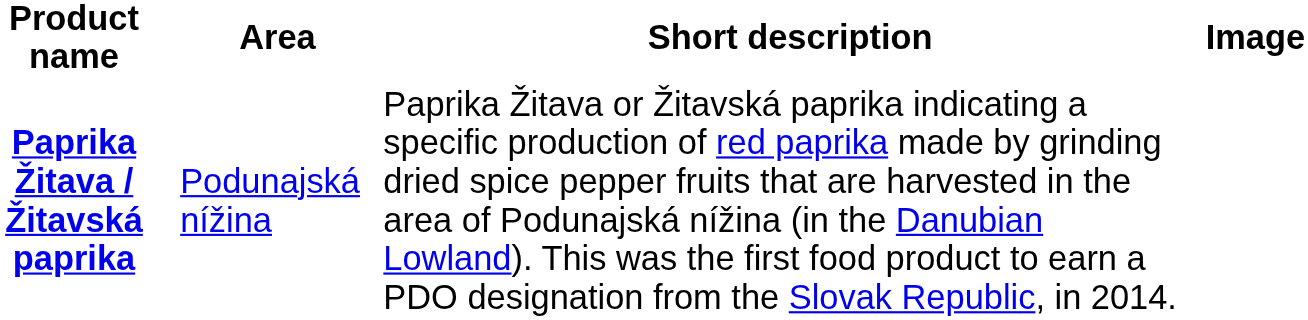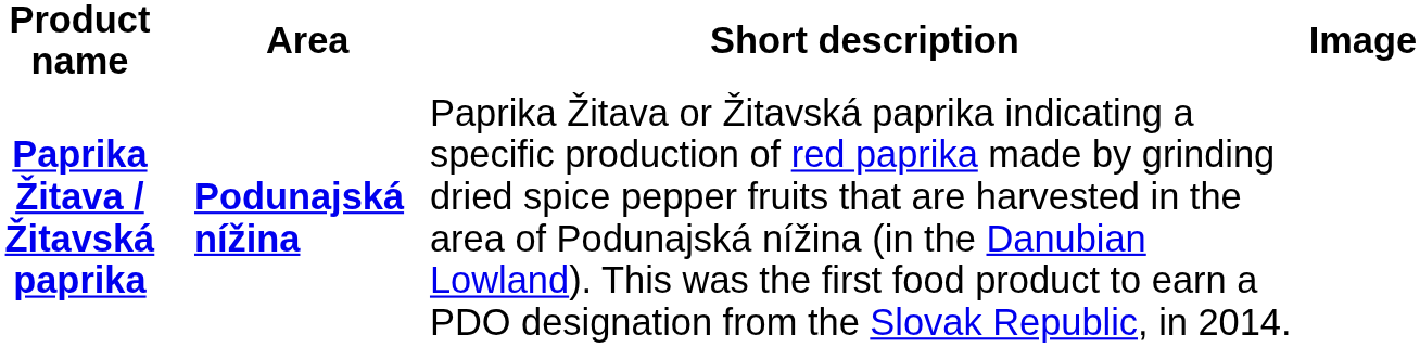 <table>
 <tr>
 <th>Product name</th>
 <th>Area</th>
 <th>Short description</th>
 <th>Image</th>
 </tr>
 <tr>
 <th><a href='#'>Paprika Žitava / Žitavská paprika</a></th>
-<td><a href='#'>Podunajská nížina</a></td>
+<td><strong><a href='#'>Podunajská nížina</a></strong></td>
 <td>Paprika Žitava or Žitavská paprika indicating a specific production of <a href='#'>red paprika</a> made by grinding dried spice pepper fruits that are harvested in the area of Podunajská nížina (in the <a href='#'>Danubian Lowland</a>). This was the first food product to earn a PDO designation from the <a href='#'>Slovak Republic</a>, in 2014.</td>
 <td></td>
 </tr>
 <tr>
 </tr>
 </table>
